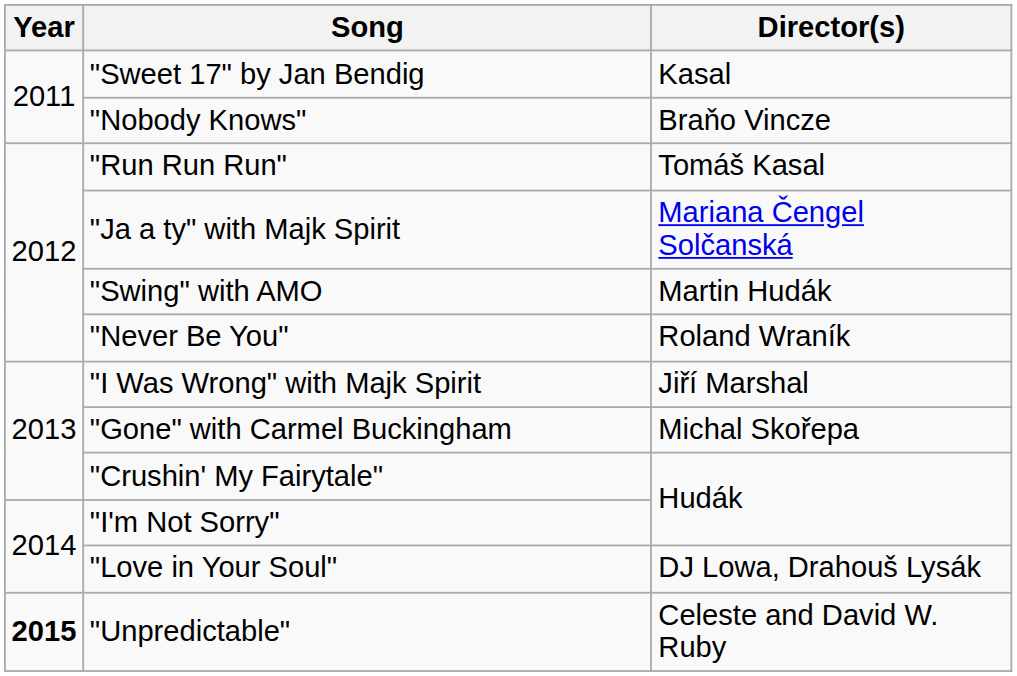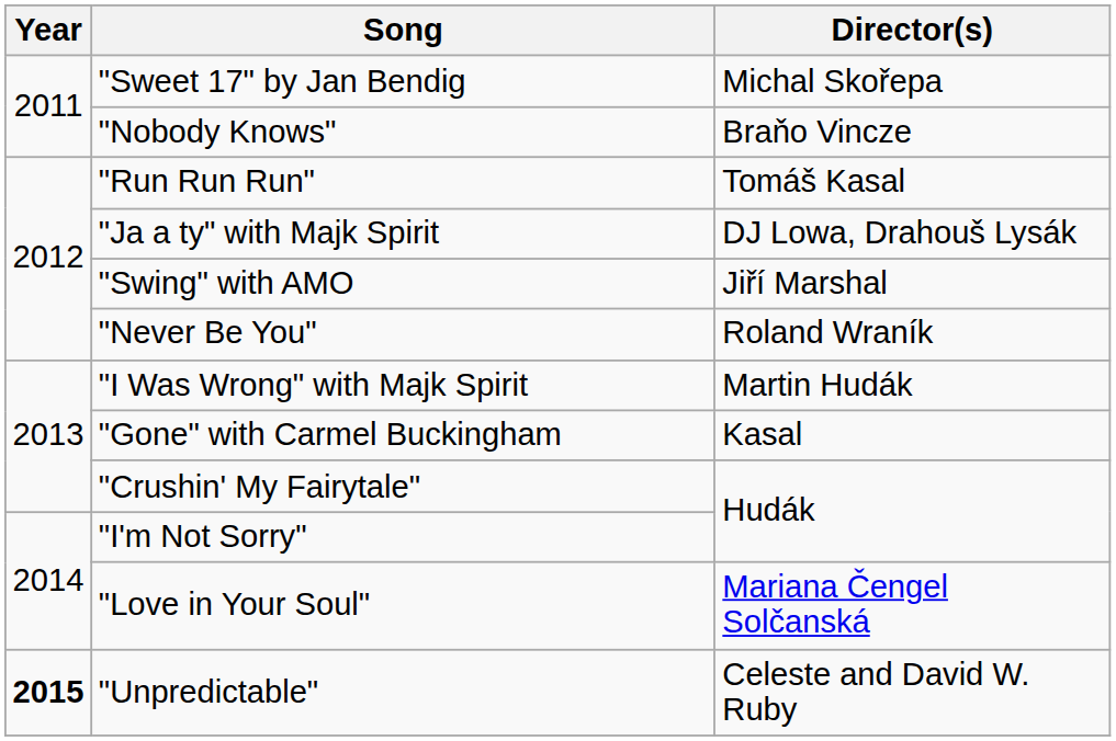 <table class=wikitable style=text-align:left>
 <tr>
 <th width=5>Year</th>
 <th width=305>Song</th>
 <th width=190>Director(s)</th>
 </tr>
 <tr>
 <td rowspan=2 align=center>2011</td>
 <td>"Sweet 17" by Jan Bendig</td>
-<td>Kasal</td>
+<td>Michal Skořepa</td>
 </tr>
 <tr>
 <td>"Nobody Knows"</td>
 <td>Braňo Vincze</td>
 </tr>
 <tr>
 <td align=center rowspan=4>2012</td>
 <td>"Run Run Run"</td>
 <td>Tomáš Kasal</td>
 </tr>
 <tr>
 <td>"Ja a ty" with Majk Spirit</td>
-<td><a href='#'>Mariana Čengel Solčanská</a></td>
+<td>DJ Lowa, Drahouš Lysák</td>
 </tr>
 <tr>
 <td>"Swing" with AMO</td>
-<td>Martin Hudák</td>
+<td>Jiří Marshal</td>
 </tr>
 <tr>
 <td>"Never Be You"</td>
 <td>Roland Wraník</td>
 </tr>
 <tr>
 <td align=center rowspan=3>2013</td>
 <td>"I Was Wrong" with Majk Spirit</td>
-<td>Jiří Marshal</td>
+<td>Martin Hudák</td>
 </tr>
 <tr>
 <td>"Gone" with Carmel Buckingham</td>
-<td>Michal Skořepa</td>
+<td>Kasal</td>
 </tr>
 <tr>
 <td>"Crushin' My Fairytale"</td>
 <td rowspan=2>Hudák</td>
 </tr>
 <tr>
 <td align=center rowspan=2>2014</td>
 <td>"I'm Not Sorry"</td>
 </tr>
 <tr>
 <td>"Love in Your Soul"</td>
-<td>DJ Lowa, Drahouš Lysák</td>
+<td><a href='#'>Mariana Čengel Solčanská</a></td>
 </tr>
 <tr>
 <td align=center rowspan=1><strong>2015</strong></td>
 <td>"Unpredictable"</td>
 <td>Celeste and David W. Ruby</td>
 </tr>
 </table>
